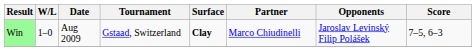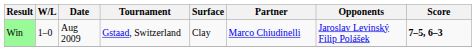 <table class="sortable wikitable">
 <tr>
 <th style="width:40px">Result</th>
 <th style="width:30px" class="unsortable">W/L</th>
 <th style="width:60px">Date</th>
 <th style="width:140px">Tournament</th>
 <th style="width:50px">Surface</th>
 <th style="width:140px">Partner</th>
 <th style="width:140px">Opponents</th>
 <th style="width:100px" class="unsortable">Score</th>
 </tr>
 <tr>
 <td style="background:#98fb98;">Win</td>
 <td>1–0</td>
 <td>Aug 2009</td>
 <td><a href='#'>Gstaad</a>, Switzerland</td>
-<td><strong>Clay</strong></td>
+<td>Clay</td>
 <td> <a href='#'>Marco Chiudinelli</a></td>
 <td> <a href='#'>Jaroslav Levinský</a> <br> <a href='#'>Filip Polášek</a></td>
-<td>7–5, 6–3</td>
+<td><strong>7–5, 6–3</strong></td>
 </tr>
 <tr>
 </tr>
 </table>
